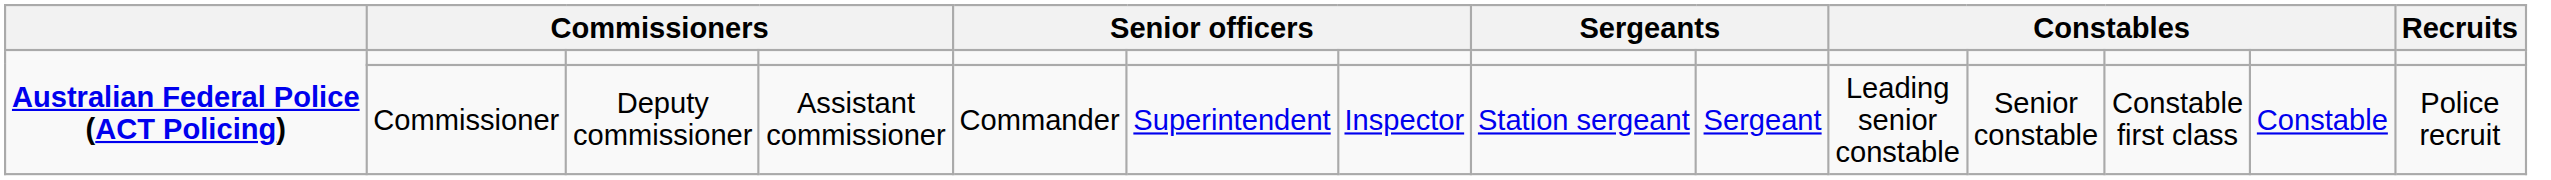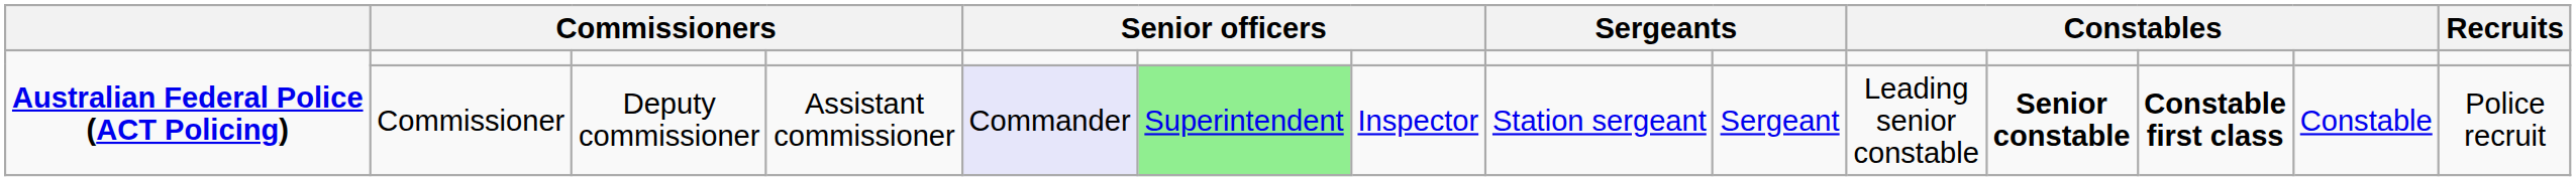 <table class="wikitable" style="text-align:center; padding:5px; font-size:85%; margin: 0px 12px 12px 0px;">
 <tr>
 <th></th>
 <th colspan=3>Commissioners</th>
 <th colspan=3>Senior officers</th>
 <th colspan=2>Sergeants</th>
 <th colspan=4>Constables</th>
 <th colspan=1>Recruits</th>
 </tr>
 <tr>
 <td rowspan=2> <strong><a href='#'>Australian Federal Police</a><br>(<a href='#'>ACT Policing</a>)</strong></td>
 <td></td>
 <td></td>
 <td></td>
 <td></td>
 <td></td>
 <td></td>
 <td></td>
 <td></td>
 <td></td>
 <td></td>
 <td></td>
 <td></td>
 <td></td>
 </tr>
 <tr>
 <td>Commissioner</td>
 <td>Deputy<br>commissioner</td>
 <td>Assistant<br>commissioner</td>
-<td>Commander</td>
-<td><a href='#'>Superintendent</a></td>
+<td style="background: lavender;">Commander</td>
+<td style="background: lightgreen;"><a href='#'>Superintendent</a></td>
 <td><a href='#'>Inspector</a></td>
 <td><a href='#'>Station sergeant</a></td>
 <td><a href='#'>Sergeant</a></td>
 <td>Leading<br>senior<br>constable</td>
-<td>Senior<br>constable</td>
-<td>Constable<br>first class</td>
+<td><strong>Senior<br>constable</strong></td>
+<td><strong>Constable<br>first class</strong></td>
 <td><a href='#'>Constable</a></td>
 <td>Police<br>recruit</td>
 </tr>
 </table>
